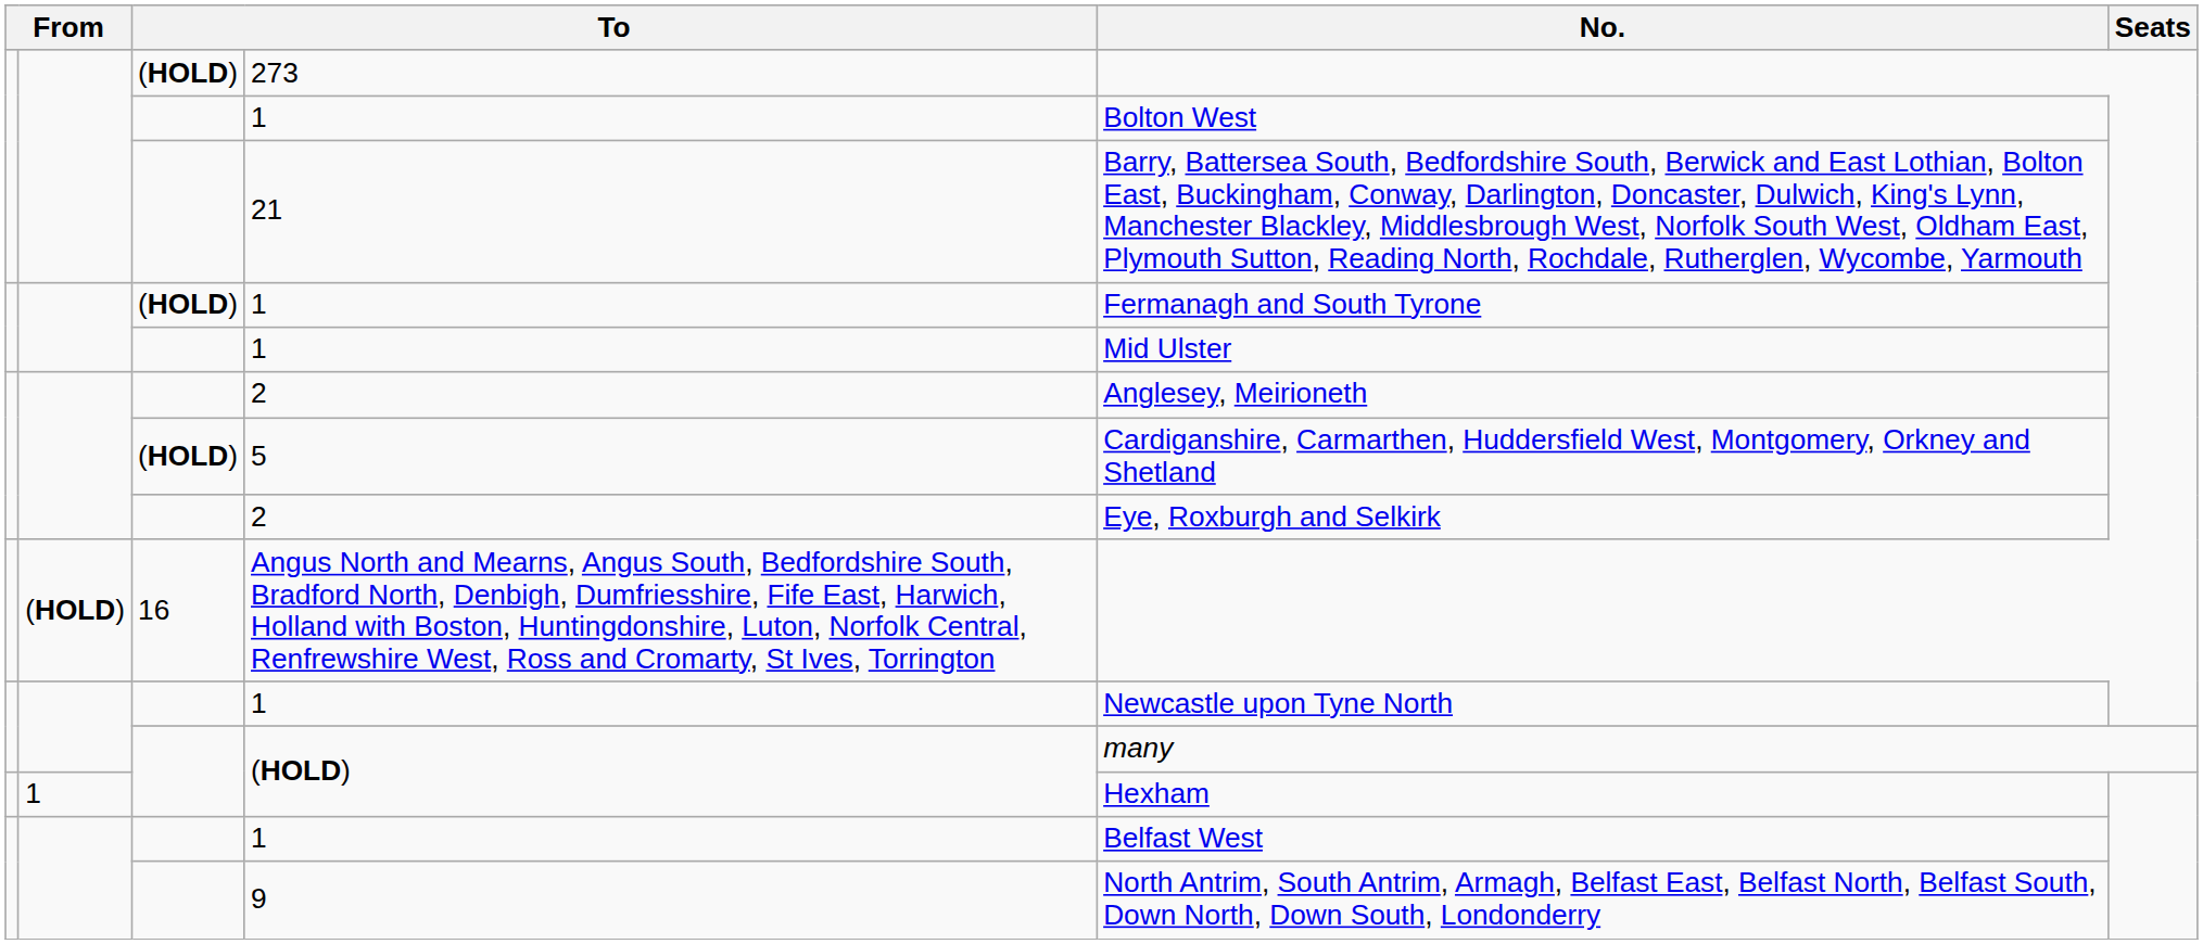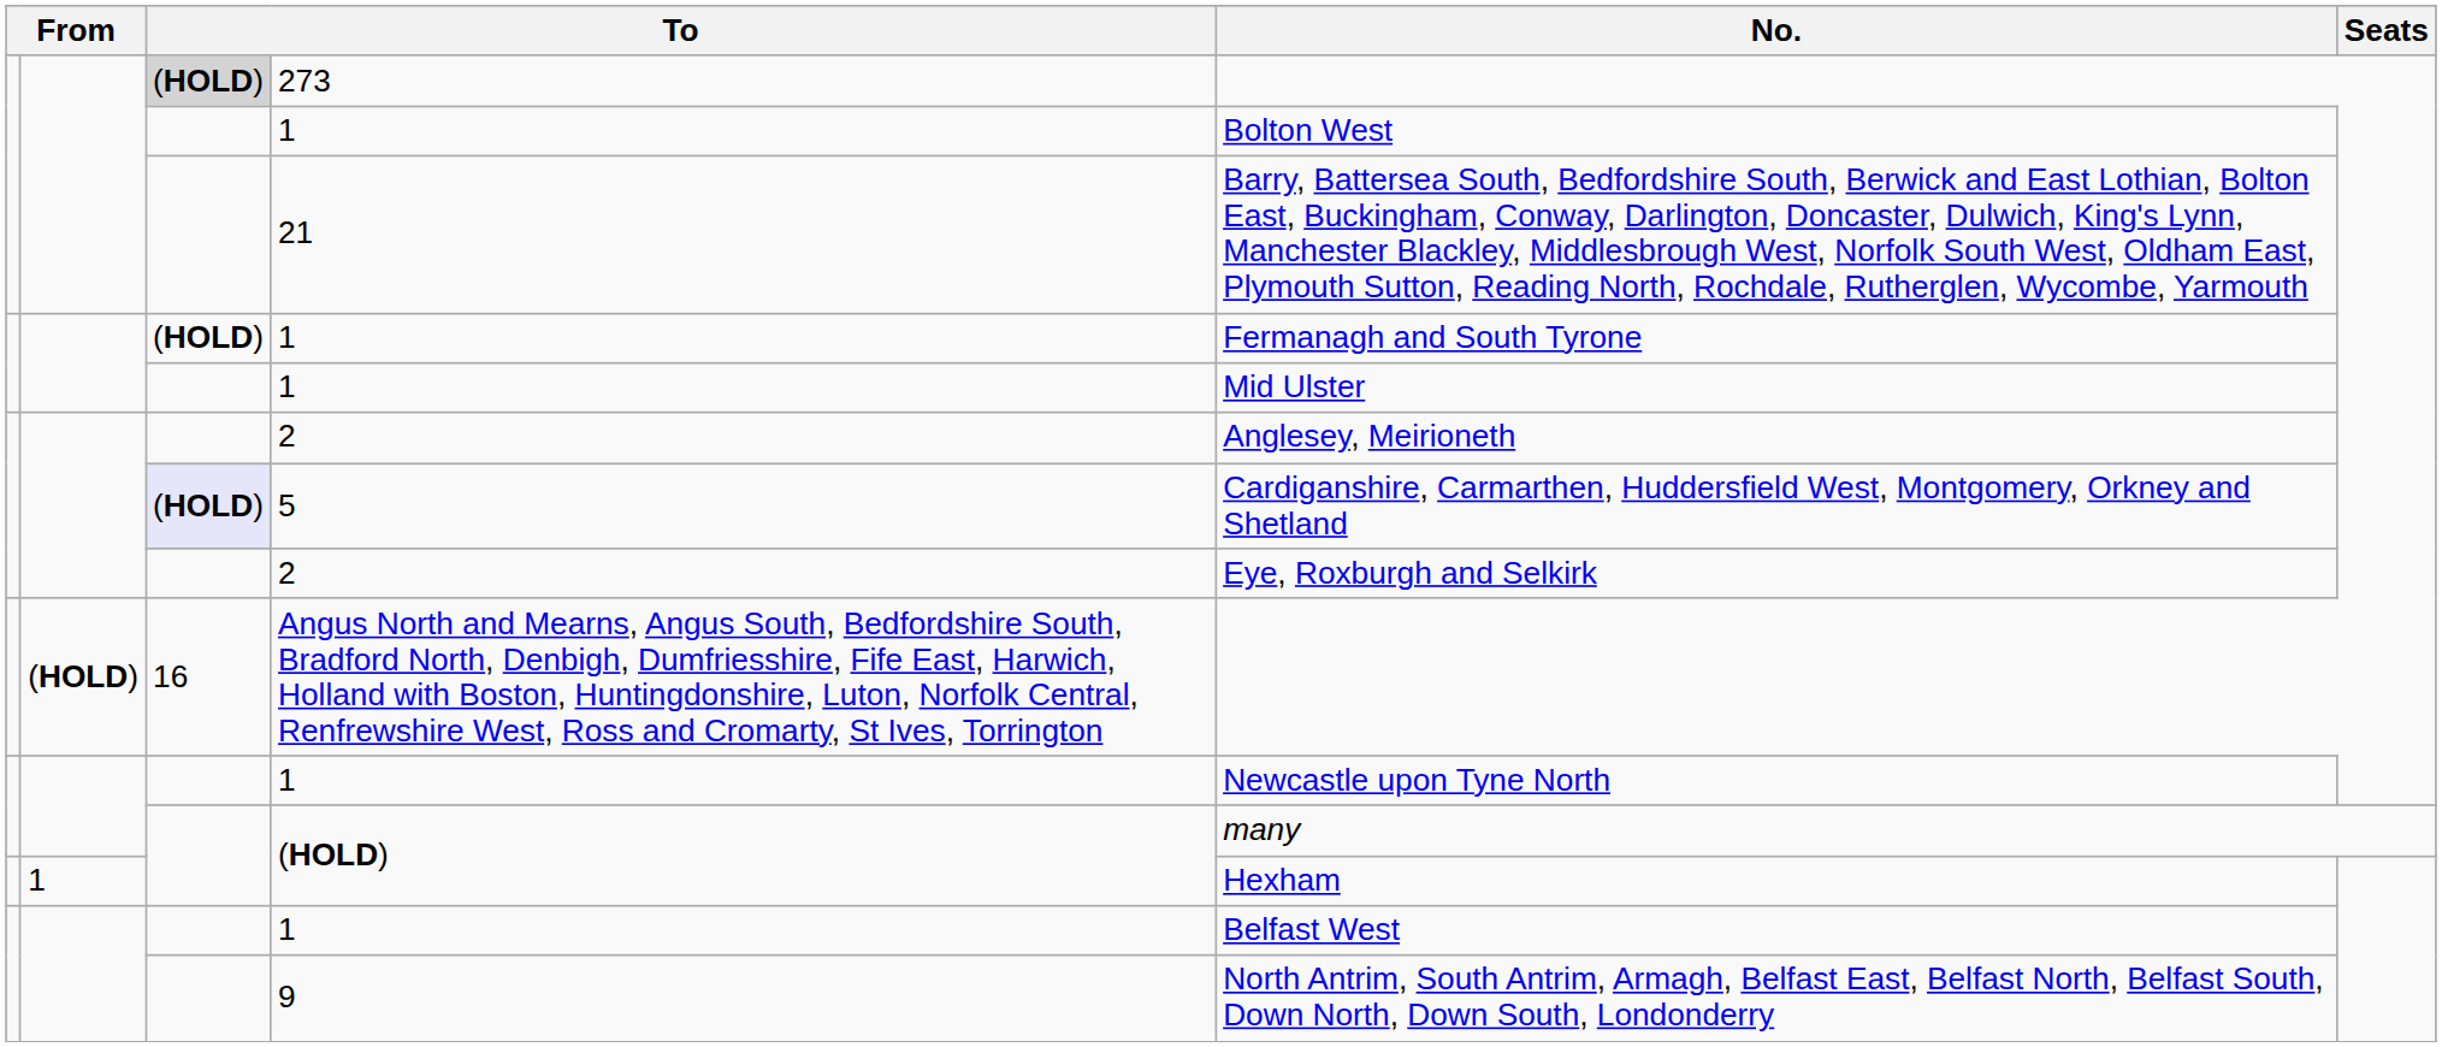 <table class="wikitable sortable" style="margin:1em">
 <tr>
 <th colspan=2>From</th>
 <th colspan=2>To</th>
 <th>No.</th>
 <th class=unsortable>Seats</th>
 </tr>
 <tr>
 <td rowspan=3 style="color:inherit;background:"></td>
 <td rowspan=3></td>
-<td> (<strong>HOLD</strong>)</td>
+<td style="background: lightgrey;"> (<strong>HOLD</strong>)</td>
 <td>273</td>
 </tr>
 <tr>
 <td></td>
 <td>1</td>
 <td><a href='#'>Bolton West</a></td>
 </tr>
 <tr>
 <td></td>
 <td>21</td>
 <td><a href='#'>Barry</a>, <a href='#'>Battersea South</a>, <a href='#'>Bedfordshire South</a>, <a href='#'>Berwick and East Lothian</a>, <a href='#'>Bolton East</a>, <a href='#'>Buckingham</a>, <a href='#'>Conway</a>, <a href='#'>Darlington</a>, <a href='#'>Doncaster</a>, <a href='#'>Dulwich</a>, <a href='#'>King's Lynn</a>, <a href='#'>Manchester Blackley</a>, <a href='#'>Middlesbrough West</a>, <a href='#'>Norfolk South West</a>, <a href='#'>Oldham East</a>, <a href='#'>Plymouth Sutton</a>, <a href='#'>Reading North</a>, <a href='#'>Rochdale</a>, <a href='#'>Rutherglen</a>, <a href='#'>Wycombe</a>, <a href='#'>Yarmouth</a></td>
 </tr>
 <tr>
 <td rowspan=2 style="color:inherit;background:"></td>
 <td rowspan=2></td>
 <td> (<strong>HOLD</strong>)</td>
 <td>1</td>
 <td><a href='#'>Fermanagh and South Tyrone</a></td>
 </tr>
 <tr>
 <td></td>
 <td>1</td>
 <td><a href='#'>Mid Ulster</a></td>
 </tr>
 <tr>
 <td rowspan=3 style="color:inherit;background:"></td>
 <td rowspan=3></td>
 <td></td>
 <td>2</td>
 <td><a href='#'>Anglesey</a>, <a href='#'>Meirioneth</a></td>
 </tr>
 <tr>
-<td> (<strong>HOLD</strong>)</td>
+<td style="background: lavender;"> (<strong>HOLD</strong>)</td>
 <td>5</td>
 <td><a href='#'>Cardiganshire</a>, <a href='#'>Carmarthen</a>, <a href='#'>Huddersfield West</a>, <a href='#'>Montgomery</a>, <a href='#'>Orkney and Shetland</a></td>
 </tr>
 <tr>
 <td></td>
 <td>2</td>
 <td><a href='#'>Eye</a>, <a href='#'>Roxburgh and Selkirk</a></td>
 </tr>
 <tr>
 <td></td>
 <td> (<strong>HOLD</strong>)</td>
 <td>16</td>
 <td><a href='#'>Angus North and Mearns</a>, <a href='#'>Angus South</a>, <a href='#'>Bedfordshire South</a>, <a href='#'>Bradford North</a>, <a href='#'>Denbigh</a>, <a href='#'>Dumfriesshire</a>, <a href='#'>Fife East</a>, <a href='#'>Harwich</a>, <a href='#'>Holland with Boston</a>, <a href='#'>Huntingdonshire</a>, <a href='#'>Luton</a>, <a href='#'>Norfolk Central</a>, <a href='#'>Renfrewshire West</a>, <a href='#'>Ross and Cromarty</a>, <a href='#'>St Ives</a>, <a href='#'>Torrington</a></td>
 </tr>
 <tr>
 <td rowspan=2 style="color:inherit;background:"></td>
 <td rowspan=2></td>
 <td></td>
 <td>1</td>
 <td><a href='#'>Newcastle upon Tyne North</a></td>
 </tr>
 <tr>
 <td rowspan=2 style="color:inherit;background:"></td>
 <td rowspan=2> (<strong>HOLD</strong>)</td>
 <td colspan=2><em>many</em></td>
 </tr>
 <tr>
 <td></td>
 <td>1</td>
 <td><a href='#'>Hexham</a></td>
 </tr>
 <tr>
 <td rowspan=2 style="color:inherit;background:"></td>
 <td rowspan=2></td>
 <td></td>
 <td>1</td>
 <td><a href='#'>Belfast West</a></td>
 </tr>
 <tr>
 <td></td>
 <td>9</td>
 <td><a href='#'>North Antrim</a>, <a href='#'>South Antrim</a>, <a href='#'>Armagh</a>, <a href='#'>Belfast East</a>, <a href='#'>Belfast North</a>, <a href='#'>Belfast South</a>, <a href='#'>Down North</a>, <a href='#'>Down South</a>, <a href='#'>Londonderry</a></td>
 </tr>
 </table>
